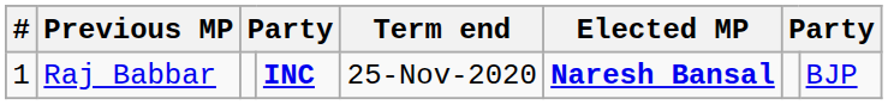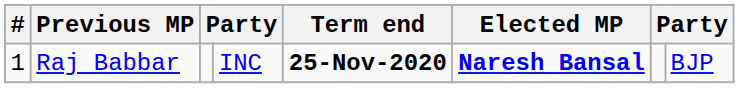 <table class="wikitable sortable">
 <tr>
 <th>#</th>
 <th>Previous MP</th>
 <th colspan="2">Party</th>
 <th>Term end</th>
 <th>Elected MP</th>
 <th colspan="2">Party</th>
 </tr>
 <tr>
 <td>1</td>
 <td><a href='#'>Raj Babbar</a></td>
 <td width="1px"></td>
-<td><strong><a href='#'>INC</a></strong></td>
-<td>25-Nov-2020</td>
+<td><a href='#'>INC</a></td>
+<td><strong>25-Nov-2020</strong></td>
 <td><strong><a href='#'>Naresh Bansal</a></strong></td>
 <td></td>
 <td><a href='#'>BJP</a></td>
 </tr>
 </table>
